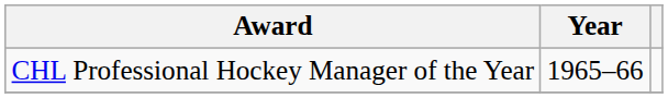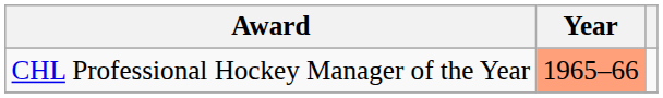 <table class="wikitable">
 <tr>
 <th>Award</th>
 <th>Year</th>
 <th></th>
 </tr>
 <tr>
 <td><a href='#'>CHL</a> Professional Hockey Manager of the Year</td>
-<td>1965–66</td>
+<td style="background: lightsalmon;">1965–66</td>
 <td></td>
 </tr>
 <tr>
 </tr>
 </table>
